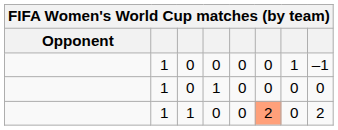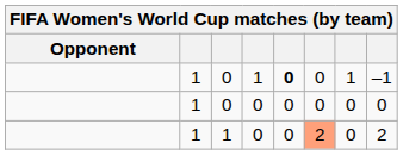 <table class="wikitable sortable" style="text-align: center;">
 <tr>
 <th colspan=8>FIFA Women's World Cup matches (by team)</th>
 </tr>
 <tr>
 <th>Opponent</th>
 <th style="width:20px;"></th>
 <th style="width:20px;"></th>
 <th style="width:20px;"></th>
 <th style="width:20px;"></th>
 <th style="width:20px;"></th>
 <th style="width:20px;"></th>
 <th style="width:20px;"></th>
 </tr>
 <tr>
 <td align="left"></td>
 <td>1</td>
 <td>0</td>
-<td>0</td>
-<td>0</td>
+<td>1</td>
+<td><strong>0</strong></td>
 <td>0</td>
 <td>1</td>
 <td>–1</td>
 </tr>
 <tr>
 <td align="left"></td>
 <td>1</td>
 <td>0</td>
-<td>1</td>
+<td>0</td>
 <td>0</td>
 <td>0</td>
 <td>0</td>
 <td>0</td>
 </tr>
 <tr>
 <td align="left"></td>
 <td>1</td>
 <td>1</td>
 <td>0</td>
 <td>0</td>
 <td style="background: lightsalmon;">2</td>
 <td>0</td>
 <td>2</td>
 </tr>
 </table>
